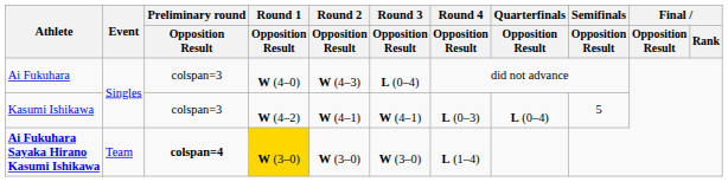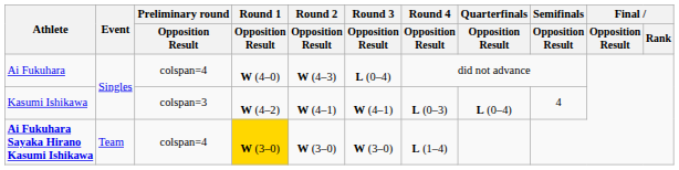 <table class="wikitable" style="font-size:90%">
 <tr>
 <th rowspan="2">Athlete</th>
 <th rowspan="2">Event</th>
 <th>Preliminary round</th>
 <th>Round 1</th>
 <th>Round 2</th>
 <th>Round 3</th>
 <th>Round 4</th>
 <th>Quarterfinals</th>
 <th>Semifinals</th>
 <th colspan=2>Final / </th>
 </tr>
 <tr style="font-size:95%">
 <th>Opposition<br>Result</th>
 <th>Opposition<br>Result</th>
 <th>Opposition<br>Result</th>
 <th>Opposition<br>Result</th>
 <th>Opposition<br>Result</th>
 <th>Opposition<br>Result</th>
 <th>Opposition<br>Result</th>
 <th>Opposition<br>Result</th>
 <th>Rank</th>
 </tr>
 <tr align=center>
 <td align=left><a href='#'>Ai Fukuhara</a></td>
 <td align=left rowspan=2><a href='#'>Singles</a></td>
-<td>colspan=3 </td>
+<td>colspan=4 </td>
 <td><br><strong>W</strong> (4–0)</td>
 <td><br><strong>W</strong> (4–3)</td>
 <td><br><strong>L</strong> (0–4)</td>
 <td colspan=3>did not advance</td>
 </tr>
 <tr align=center>
 <td align=left><a href='#'>Kasumi Ishikawa</a></td>
 <td>colspan=3 </td>
 <td><br><strong>W</strong> (4–2)</td>
 <td><br><strong>W</strong> (4–1)</td>
 <td><br><strong>W</strong> (4–1)</td>
 <td><br><strong>L</strong> (0–3)</td>
 <td><br><strong>L</strong> (0–4)</td>
-<td>5</td>
+<td>4</td>
 </tr>
 <tr align=center>
 <td align=left><strong><a href='#'>Ai Fukuhara</a><br><a href='#'>Sayaka Hirano</a><br><a href='#'>Kasumi Ishikawa</a></strong></td>
 <td align=left><a href='#'>Team</a></td>
-<td><strong>colspan=4 </strong></td>
+<td>colspan=4 </td>
 <td style="background: gold;"><br><strong>W</strong> (3–0)</td>
 <td><br><strong>W</strong> (3–0)</td>
 <td><br><strong>W</strong> (3–0)</td>
 <td><br><strong>L</strong> (1–4)</td>
 <td></td>
 </tr>
 </table>
